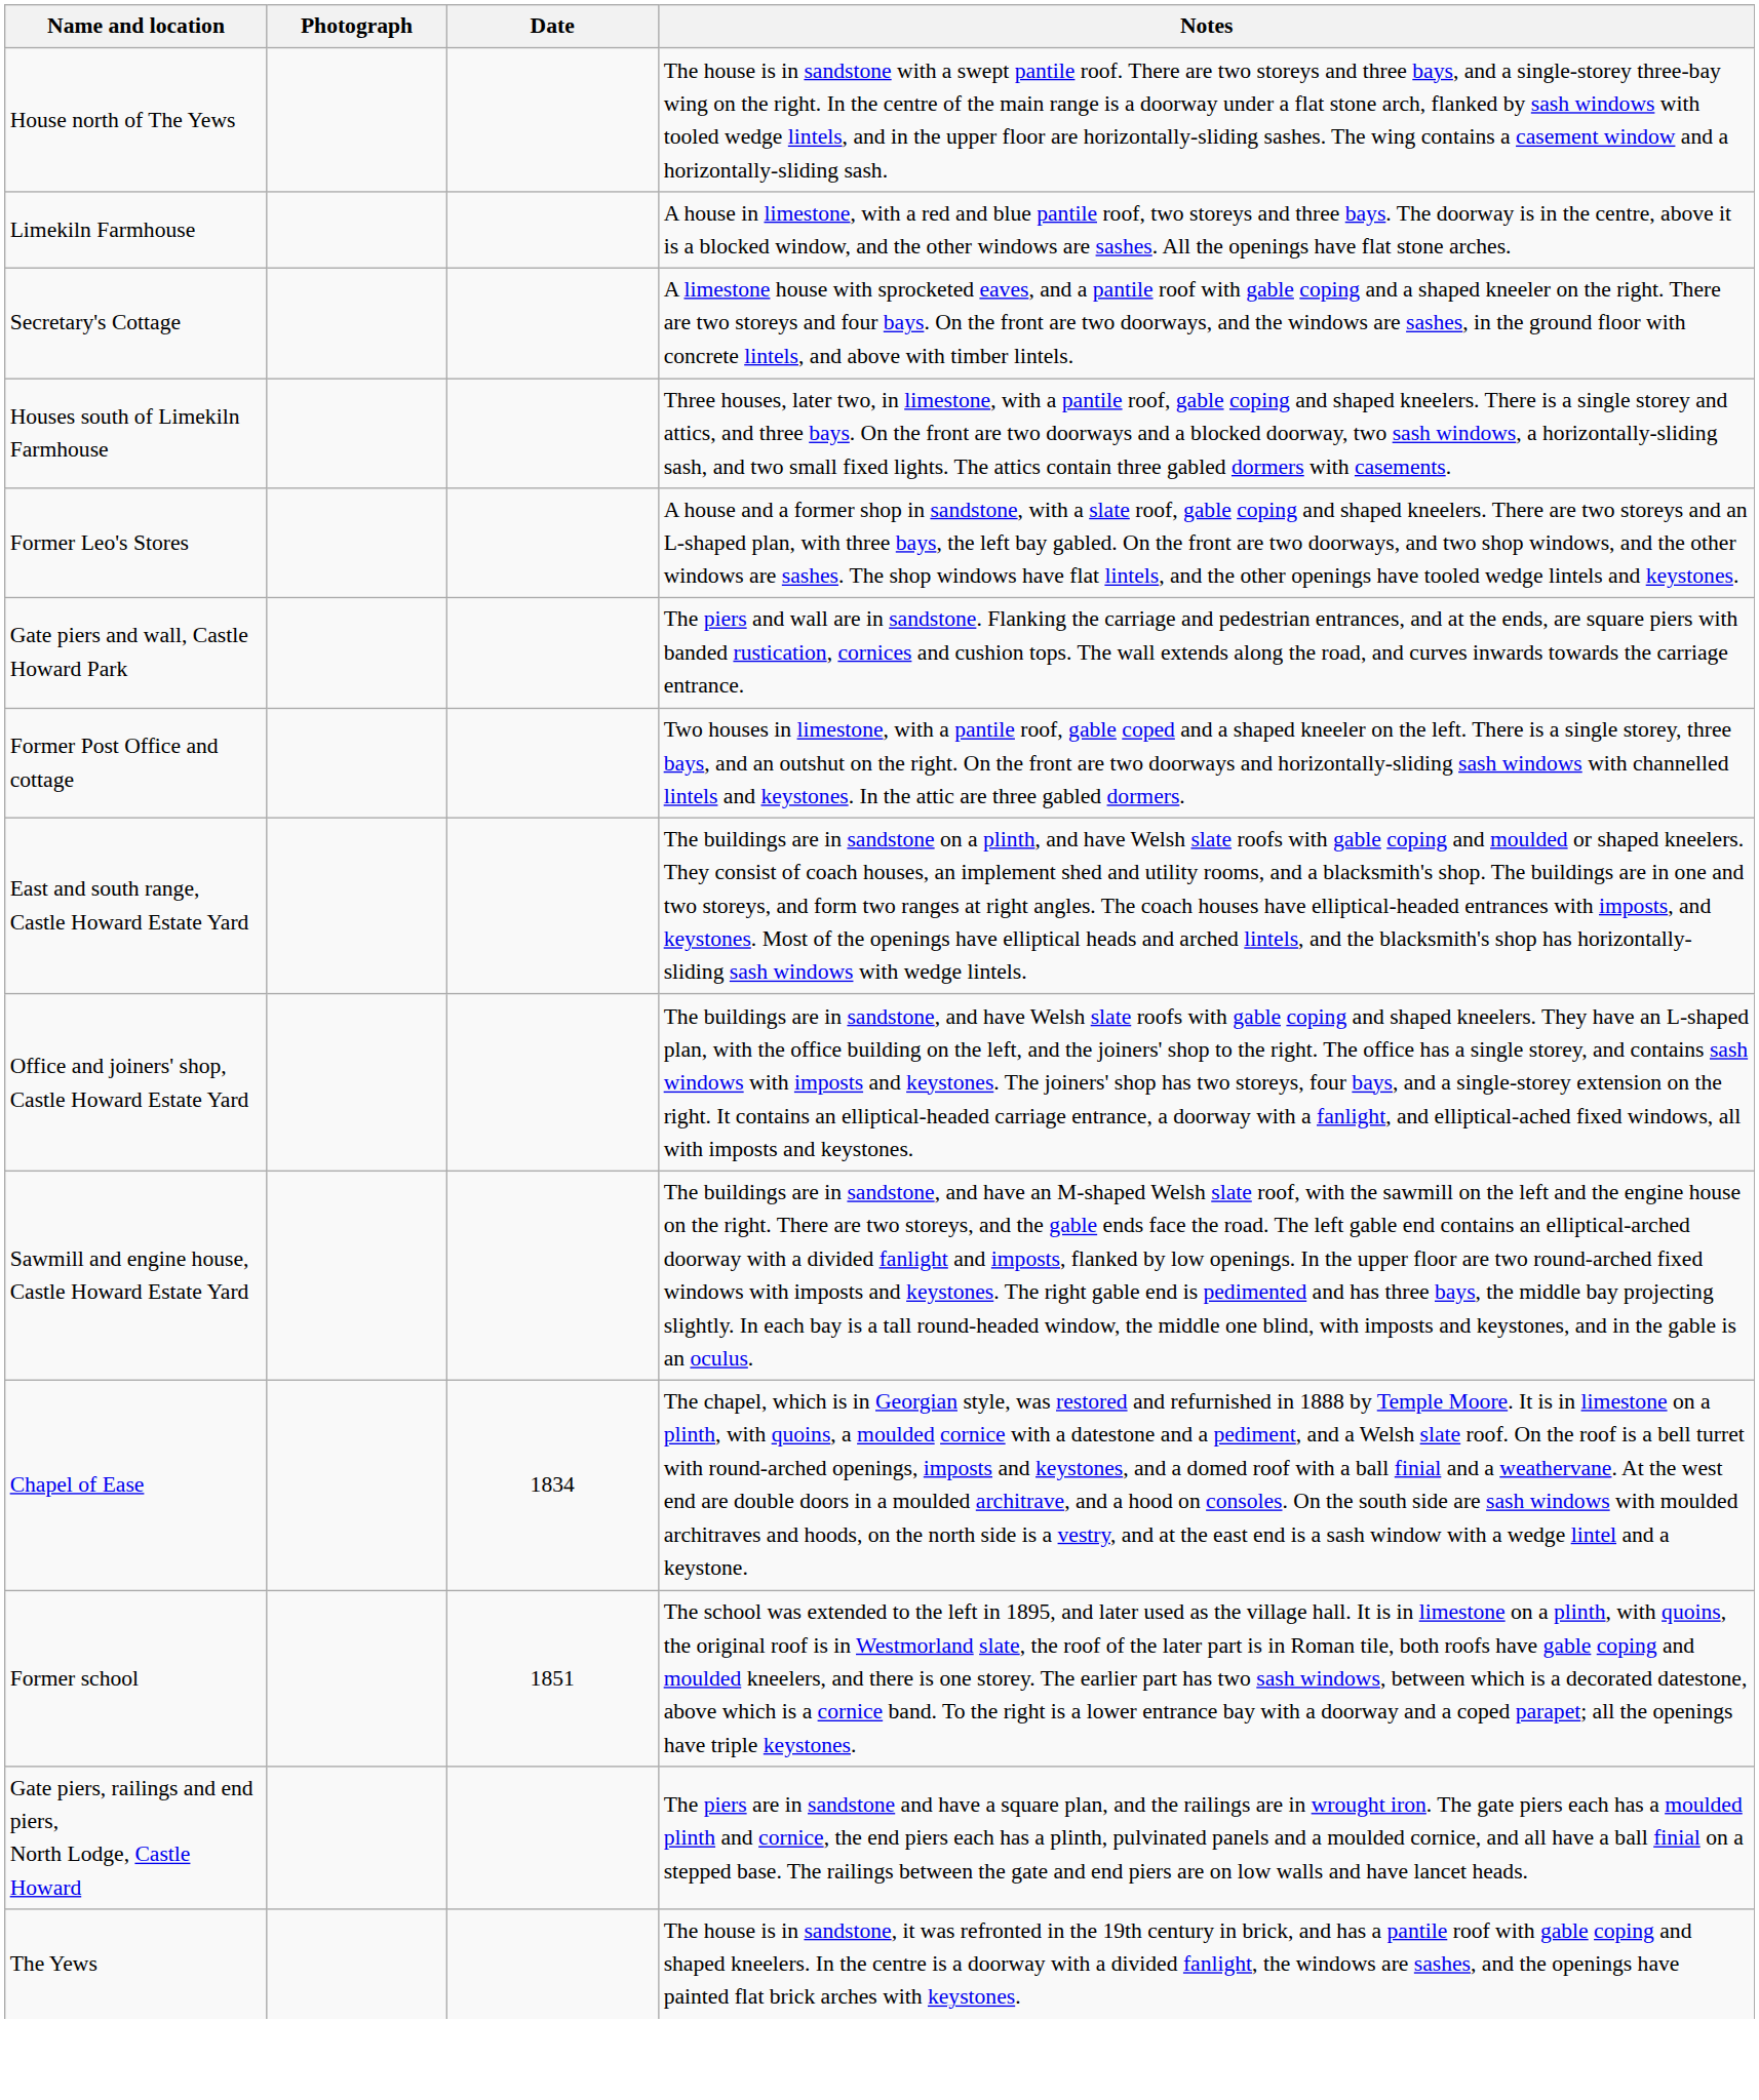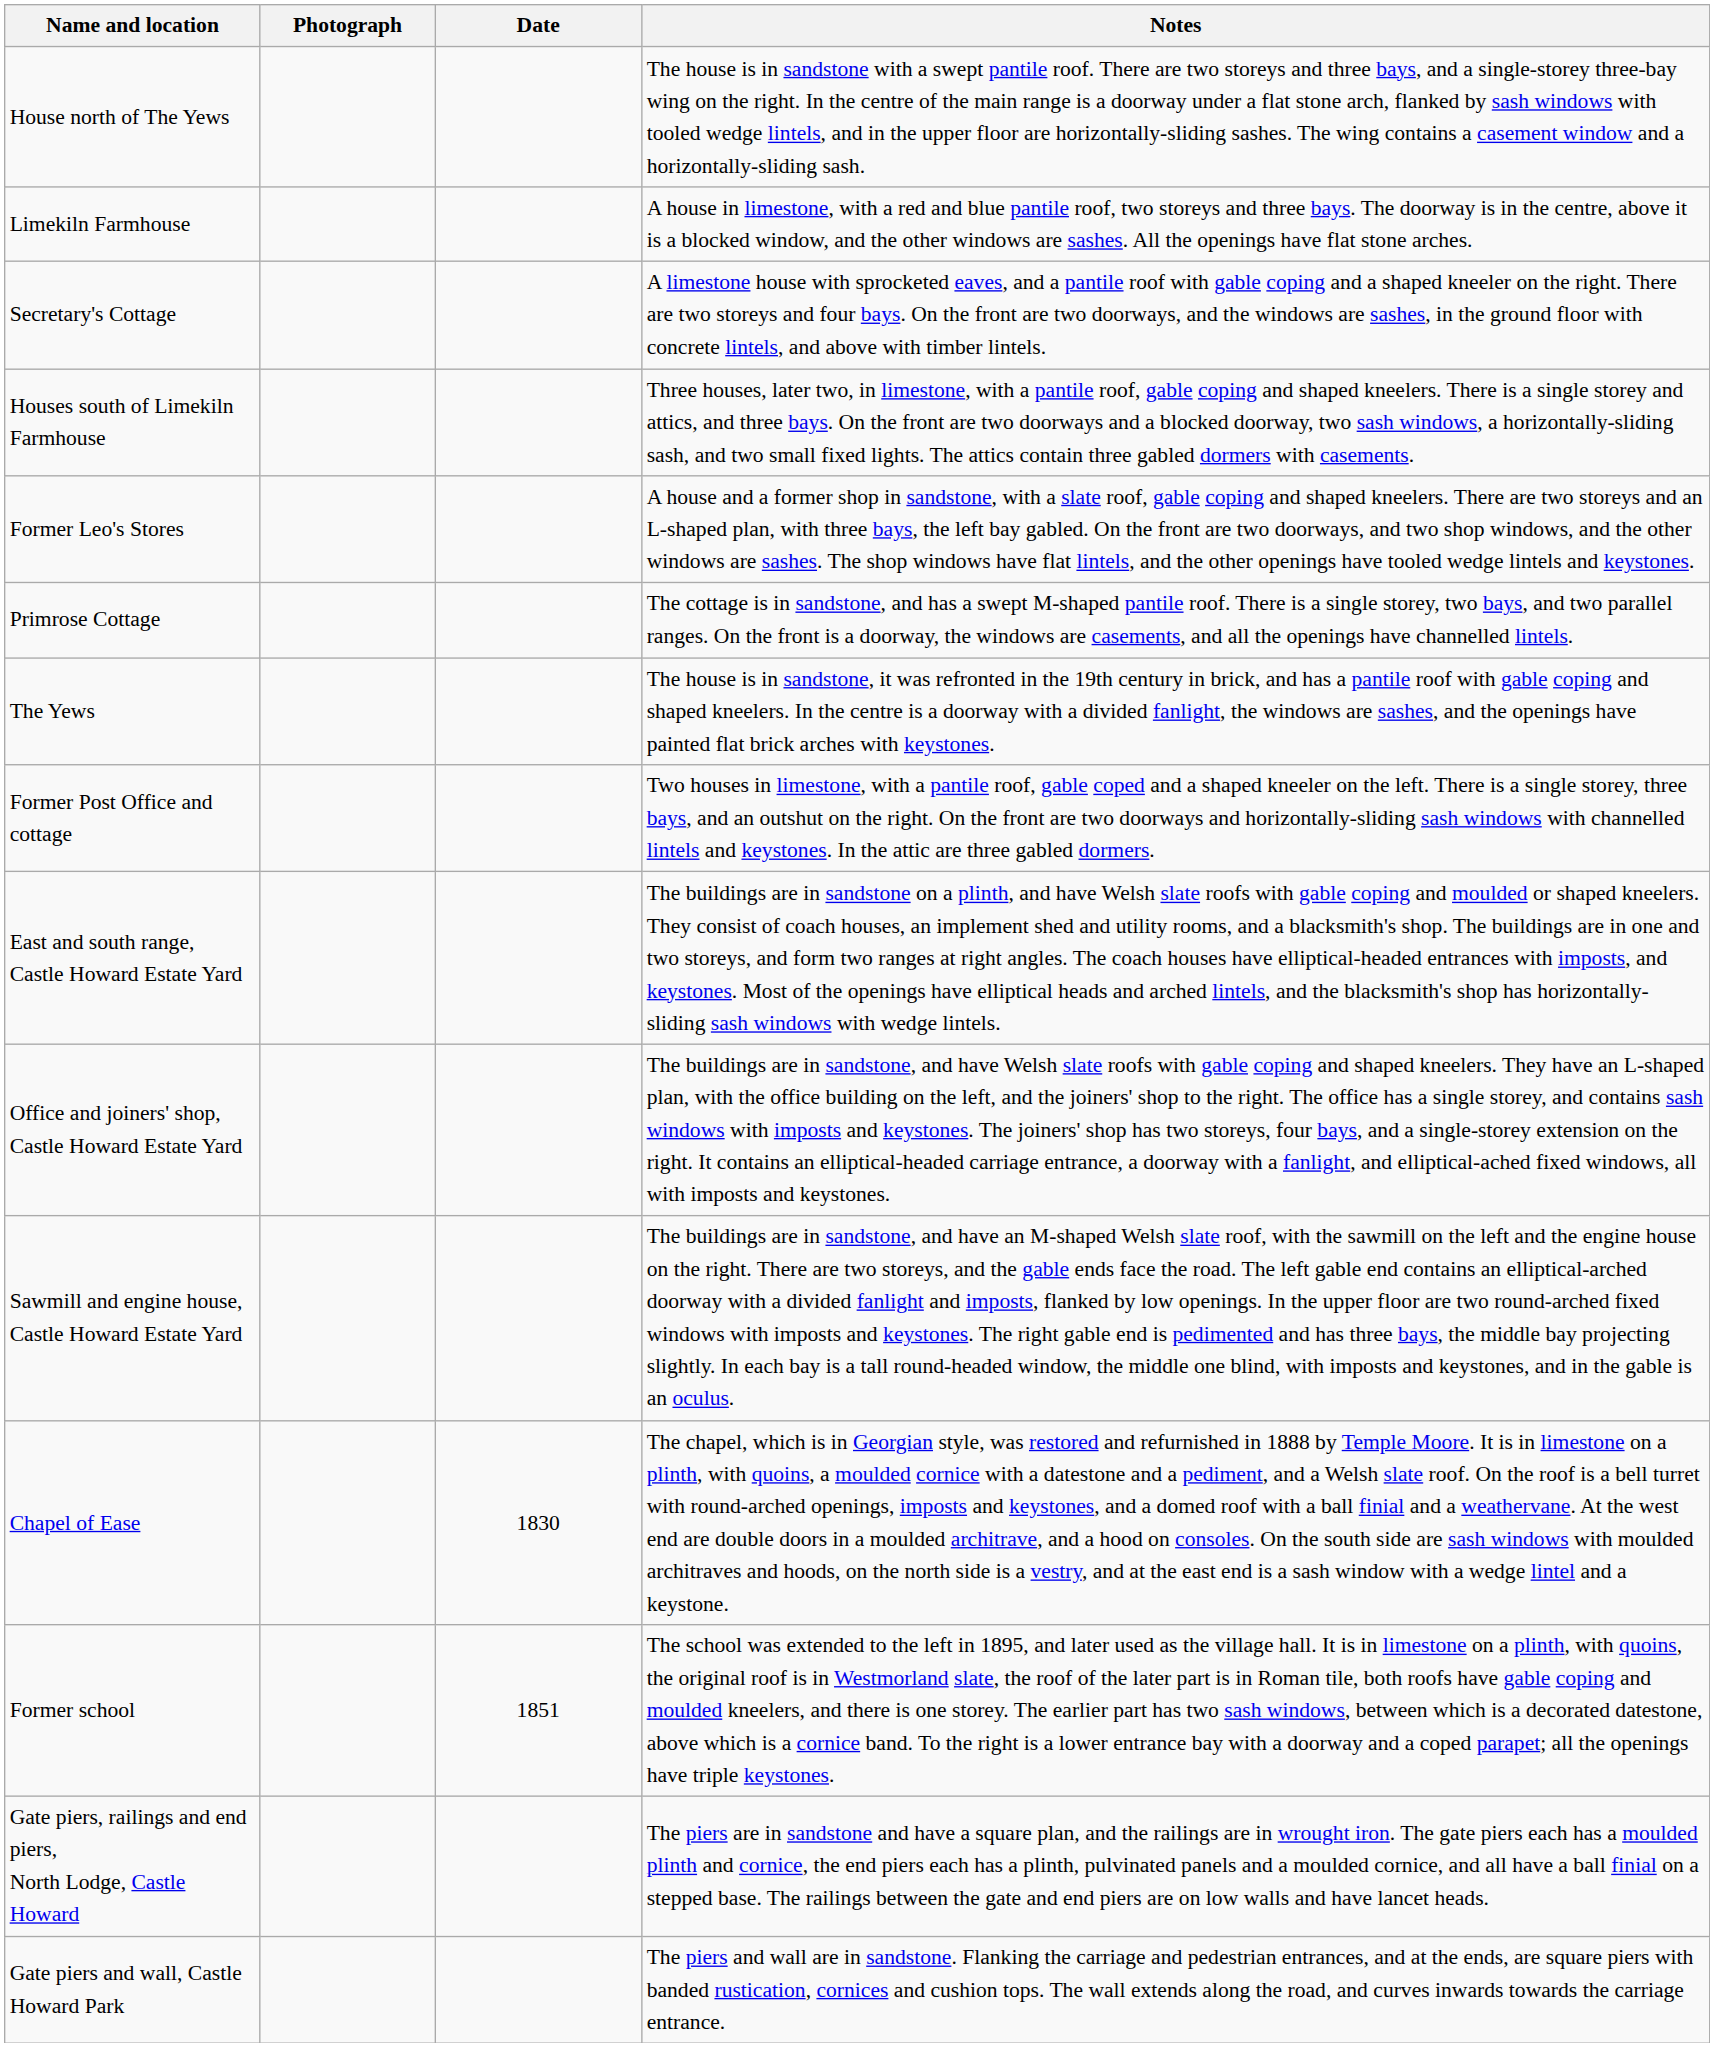 <table class="wikitable sortable plainrowheaders" style="width:100%;border:0px;text-align:left;line-height:150%;">
 <tr>
 <th scope="col"  style="width:150px">Name and location</th>
 <th scope="col"  style="width:100px" class="unsortable">Photograph</th>
 <th scope="col"  style="width:120px">Date</th>
 <th scope="col"  style="width:650px" class="unsortable">Notes</th>
 </tr>
 <tr>
 <td>House north of The Yews<br><small></small></td>
 <td></td>
 <td align="center"></td>
 <td>The house is in <a href='#'>sandstone</a> with a swept <a href='#'>pantile</a> roof.  There are two storeys and three <a href='#'>bays</a>, and a single-storey three-bay wing on the right.  In the centre of the main range is a doorway under a flat stone arch, flanked by <a href='#'>sash windows</a> with tooled wedge <a href='#'>lintels</a>, and in the upper floor are horizontally-sliding sashes.  The wing contains a <a href='#'>casement window</a> and a horizontally-sliding sash.</td>
 </tr>
 <tr>
 <td>Limekiln Farmhouse<br><small></small></td>
 <td></td>
 <td align="center"></td>
 <td>A house in <a href='#'>limestone</a>, with a red and blue <a href='#'>pantile</a> roof, two storeys and three <a href='#'>bays</a>.  The doorway is in the centre, above it is a blocked window, and the other windows are <a href='#'>sashes</a>.  All the openings have flat stone arches.</td>
 </tr>
 <tr>
 <td>Secretary's Cottage<br><small></small></td>
 <td></td>
 <td align="center"></td>
 <td>A <a href='#'>limestone</a> house with sprocketed <a href='#'>eaves</a>, and a <a href='#'>pantile</a> roof with <a href='#'>gable</a> <a href='#'>coping</a> and a shaped kneeler on the right.  There are two storeys and four <a href='#'>bays</a>.  On the front are two doorways, and the windows are <a href='#'>sashes</a>, in the ground floor with concrete <a href='#'>lintels</a>, and above with timber lintels.</td>
 </tr>
 <tr>
 <td>Houses south of Limekiln Farmhouse<br><small></small></td>
 <td></td>
 <td align="center"></td>
 <td>Three houses, later two, in <a href='#'>limestone</a>, with a <a href='#'>pantile</a> roof, <a href='#'>gable</a> <a href='#'>coping</a> and shaped kneelers.  There is a single storey and attics, and three <a href='#'>bays</a>.  On the front are two doorways and a blocked doorway, two <a href='#'>sash windows</a>, a horizontally-sliding sash, and two small fixed lights.  The attics contain three gabled <a href='#'>dormers</a> with <a href='#'>casements</a>.</td>
 </tr>
 <tr>
 <td>Former Leo's Stores<br><small></small></td>
 <td></td>
 <td align="center"></td>
 <td>A house and a former shop in <a href='#'>sandstone</a>, with a <a href='#'>slate</a> roof, <a href='#'>gable</a> <a href='#'>coping</a> and shaped kneelers.  There are two storeys and an L-shaped plan, with three <a href='#'>bays</a>, the left bay gabled.  On the front are two doorways, and two shop windows, and the other windows are <a href='#'>sashes</a>.  The shop windows have flat <a href='#'>lintels</a>, and the other openings have tooled wedge lintels and <a href='#'>keystones</a>.</td>
 </tr>
 <tr>
-<td>Gate piers and wall, Castle Howard Park<br><small></small></td>
+<td>Primrose Cottage<br><small></small></td>
 <td></td>
 <td align="center"></td>
-<td>The <a href='#'>piers</a> and wall are in <a href='#'>sandstone</a>.  Flanking the carriage and pedestrian entrances, and at the ends, are square piers with banded <a href='#'>rustication</a>, <a href='#'>cornices</a> and cushion tops.  The wall extends along the road, and curves inwards towards the carriage entrance.</td>
+<td>The cottage is in <a href='#'>sandstone</a>, and has a swept M-shaped <a href='#'>pantile</a> roof.  There is a single storey, two <a href='#'>bays</a>, and two parallel ranges.  On the front is a doorway, the windows are <a href='#'>casements</a>, and all the openings have channelled <a href='#'>lintels</a>.</td>
+</tr>
+<tr>
+<td>The Yews<br><small></small></td>
+<td></td>
+<td align="center"></td>
+<td>The house is in <a href='#'>sandstone</a>, it was refronted in the 19th century in brick, and has a <a href='#'>pantile</a> roof with <a href='#'>gable</a> <a href='#'>coping</a> and shaped kneelers.  In the centre is a doorway with a divided <a href='#'>fanlight</a>, the windows are <a href='#'>sashes</a>, and the openings have painted flat brick arches with <a href='#'>keystones</a>.</td>
 </tr>
 <tr>
 <td>Former Post Office and cottage<br><small></small></td>
 <td></td>
 <td align="center"></td>
 <td>Two houses in <a href='#'>limestone</a>, with a <a href='#'>pantile</a> roof, <a href='#'>gable</a> <a href='#'>coped</a> and a shaped kneeler on the left.  There is a single storey, three <a href='#'>bays</a>, and an outshut on the right.  On the front are two doorways and horizontally-sliding <a href='#'>sash windows</a> with channelled <a href='#'>lintels</a> and <a href='#'>keystones</a>.  In the attic are three gabled <a href='#'>dormers</a>.</td>
 </tr>
 <tr>
 <td>East and south range,<br>Castle Howard Estate Yard<br><small></small></td>
 <td></td>
 <td align="center"></td>
 <td>The buildings are in <a href='#'>sandstone</a> on a <a href='#'>plinth</a>, and have Welsh <a href='#'>slate</a> roofs with <a href='#'>gable</a> <a href='#'>coping</a> and <a href='#'>moulded</a> or shaped kneelers.  They consist of coach houses, an implement shed and utility rooms, and a blacksmith's shop.  The buildings are in one and two storeys, and form two ranges at right angles.  The coach houses have elliptical-headed entrances with <a href='#'>imposts</a>, and <a href='#'>keystones</a>.  Most of the openings have elliptical heads and arched <a href='#'>lintels</a>, and the blacksmith's shop has horizontally-sliding <a href='#'>sash windows</a> with wedge lintels.</td>
 </tr>
 <tr>
 <td>Office and joiners' shop,<br>Castle Howard Estate Yard<br><small></small></td>
 <td></td>
 <td align="center"></td>
 <td>The buildings are in <a href='#'>sandstone</a>, and have Welsh <a href='#'>slate</a> roofs with <a href='#'>gable</a> <a href='#'>coping</a> and shaped kneelers.  They have an L-shaped plan, with the office building on the left, and the joiners' shop to the right.  The office has a single storey, and contains <a href='#'>sash windows</a> with <a href='#'>imposts</a> and <a href='#'>keystones</a>.  The joiners' shop has two storeys, four <a href='#'>bays</a>, and a single-storey extension on the right.  It contains an elliptical-headed carriage entrance, a doorway with a <a href='#'>fanlight</a>, and elliptical-ached fixed windows, all with imposts and keystones.</td>
 </tr>
 <tr>
 <td>Sawmill and engine house,<br>Castle Howard Estate Yard<br><small></small></td>
 <td></td>
 <td align="center"></td>
 <td>The buildings are in <a href='#'>sandstone</a>, and have an M-shaped Welsh <a href='#'>slate</a> roof, with the sawmill on the left and the engine house on the right.  There are two storeys, and the <a href='#'>gable</a> ends face the road.  The left gable end contains an elliptical-arched doorway with a divided  <a href='#'>fanlight</a> and <a href='#'>imposts</a>, flanked by low openings.  In the upper floor are two round-arched fixed windows with imposts and <a href='#'>keystones</a>.  The right gable end is <a href='#'>pedimented</a> and has three <a href='#'>bays</a>, the middle bay projecting slightly.  In each bay is a tall round-headed window, the middle one blind, with imposts and keystones, and in the gable is an <a href='#'>oculus</a>.</td>
 </tr>
 <tr>
 <td><a href='#'>Chapel of Ease</a><br><small></small></td>
 <td></td>
-<td align="center">1834</td>
+<td align="center">1830</td>
 <td>The chapel, which is in <a href='#'>Georgian</a> style, was <a href='#'>restored</a> and refurnished in 1888 by <a href='#'>Temple Moore</a>.  It is in <a href='#'>limestone</a> on a <a href='#'>plinth</a>, with <a href='#'>quoins</a>, a <a href='#'>moulded</a> <a href='#'>cornice</a> with a datestone and a <a href='#'>pediment</a>, and a Welsh <a href='#'>slate</a> roof.  On the roof is a bell turret with round-arched openings, <a href='#'>imposts</a> and <a href='#'>keystones</a>, and a domed roof with a ball <a href='#'>finial</a> and a <a href='#'>weathervane</a>.  At the west end are double doors in a moulded <a href='#'>architrave</a>, and a hood on <a href='#'>consoles</a>.  On the south side are <a href='#'>sash windows</a> with moulded architraves and hoods, on the north side is a <a href='#'>vestry</a>, and at the east end is a sash window with a wedge <a href='#'>lintel</a> and a keystone.</td>
 </tr>
 <tr>
 <td>Former school<br><small></small></td>
 <td></td>
 <td align="center">1851</td>
 <td>The school was extended to the left in 1895, and later used as the village hall.  It is in <a href='#'>limestone</a> on a <a href='#'>plinth</a>, with <a href='#'>quoins</a>, the original roof is in <a href='#'>Westmorland</a> <a href='#'>slate</a>, the roof of the later part is in Roman tile, both roofs have <a href='#'>gable</a> <a href='#'>coping</a> and <a href='#'>moulded</a> kneelers, and there is one storey.  The earlier part has two <a href='#'>sash windows</a>, between which is  a decorated datestone, above which is a <a href='#'>cornice</a> band.  To the right is a lower entrance bay with a doorway and a coped <a href='#'>parapet</a>; all the openings have triple <a href='#'>keystones</a>.</td>
 </tr>
 <tr>
 <td>Gate piers, railings and end piers,<br>North Lodge, <a href='#'>Castle Howard</a><br><small></small></td>
 <td></td>
 <td align="center"></td>
 <td>The <a href='#'>piers</a> are in <a href='#'>sandstone</a> and have a square plan, and the railings are in <a href='#'>wrought iron</a>.  The gate piers each has a <a href='#'>moulded</a> <a href='#'>plinth</a> and <a href='#'>cornice</a>, the end piers each has a plinth, pulvinated panels and a moulded cornice, and all have a ball <a href='#'>finial</a> on a stepped base.  The railings between the gate and end piers are on low walls and have lancet heads.</td>
 </tr>
 <tr>
-<td>The Yews<br><small></small></td>
+<td>Gate piers and wall, Castle Howard Park<br><small></small></td>
 <td></td>
 <td align="center"></td>
-<td>The house is in <a href='#'>sandstone</a>, it was refronted in the 19th century in brick, and has a <a href='#'>pantile</a> roof with <a href='#'>gable</a> <a href='#'>coping</a> and shaped kneelers.  In the centre is a doorway with a divided <a href='#'>fanlight</a>, the windows are <a href='#'>sashes</a>, and the openings have painted flat brick arches with <a href='#'>keystones</a>.</td>
+<td>The <a href='#'>piers</a> and wall are in <a href='#'>sandstone</a>.  Flanking the carriage and pedestrian entrances, and at the ends, are square piers with banded <a href='#'>rustication</a>, <a href='#'>cornices</a> and cushion tops.  The wall extends along the road, and curves inwards towards the carriage entrance.</td>
 </tr>
 <tr>
 </tr>
 </table>
